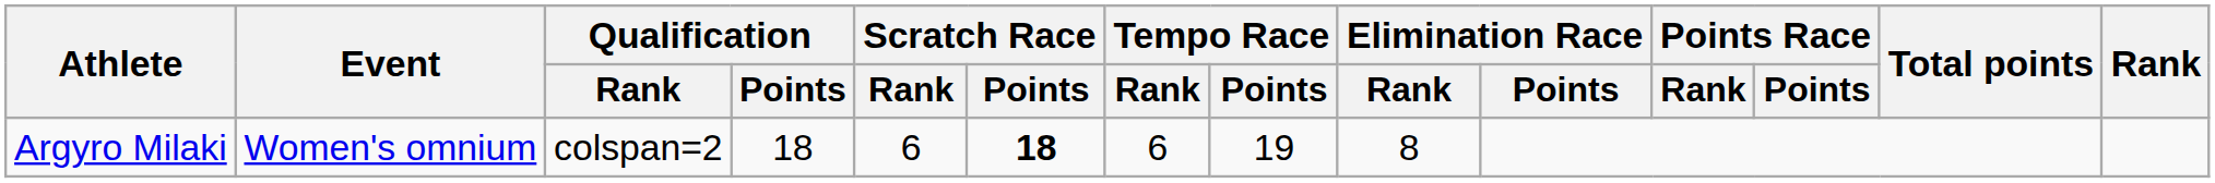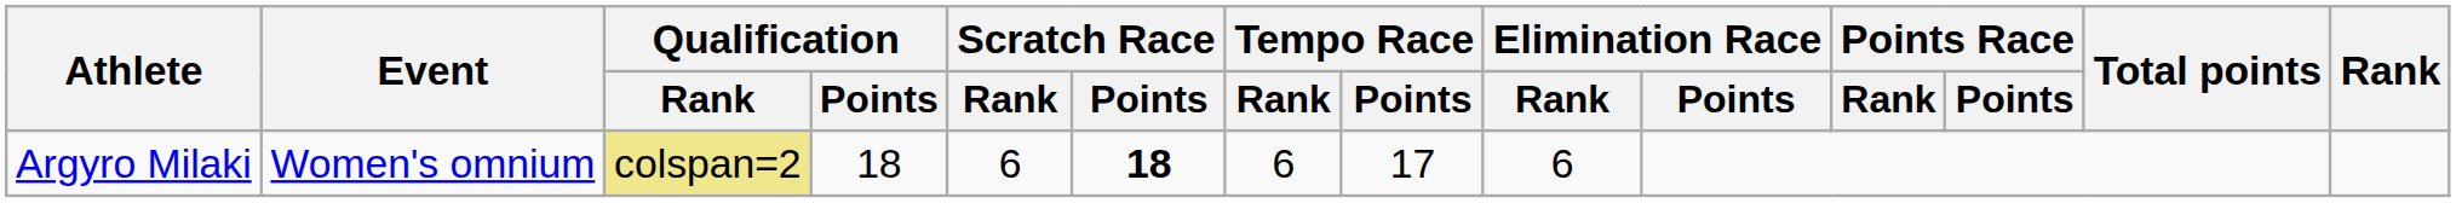 <table class="wikitable" style="font-size:90%">
 <tr>
 <th rowspan="2">Athlete</th>
 <th rowspan="2">Event</th>
 <th colspan=2>Qualification</th>
 <th colspan=2>Scratch Race</th>
 <th colspan=2>Tempo Race</th>
 <th colspan=2>Elimination Race</th>
 <th colspan=2>Points Race</th>
 <th rowspan=2>Total points</th>
 <th rowspan=2>Rank</th>
 </tr>
 <tr style="font-size:95%">
 <th>Rank</th>
 <th>Points</th>
 <th>Rank</th>
 <th>Points</th>
 <th>Rank</th>
 <th>Points</th>
 <th>Rank</th>
 <th>Points</th>
 <th>Rank</th>
 <th>Points</th>
 </tr>
 <tr align=center>
 <td align=left><a href='#'>Argyro Milaki</a></td>
 <td align=left><a href='#'>Women's omnium</a></td>
-<td>colspan=2</td>
+<td style="background: khaki;">colspan=2</td>
 <td>18</td>
 <td>6</td>
 <td><strong>18</strong></td>
 <td>6</td>
-<td>19</td>
-<td>8</td>
+<td>17</td>
+<td>6</td>
 <td colspan=4></td>
 </tr>
 </table>
